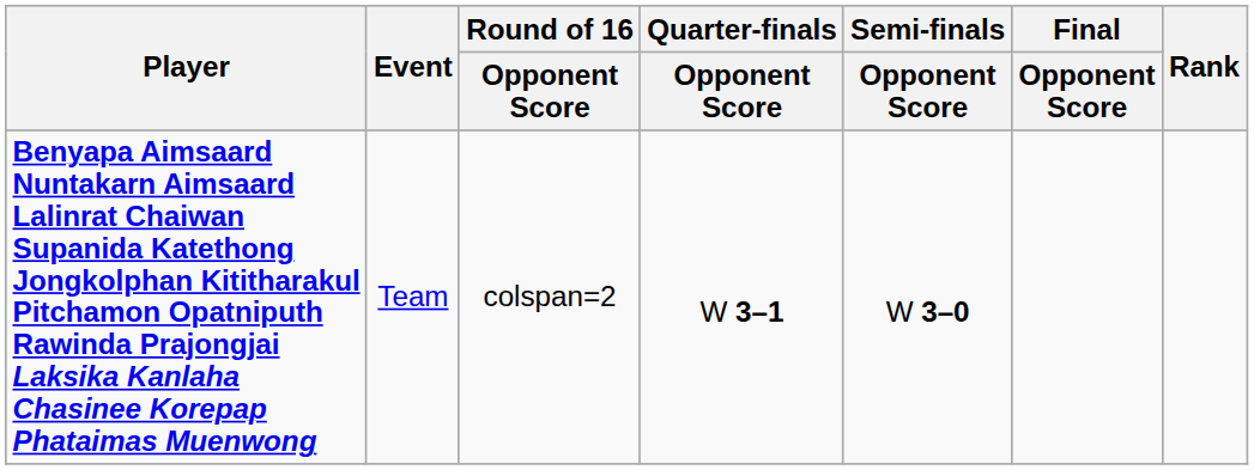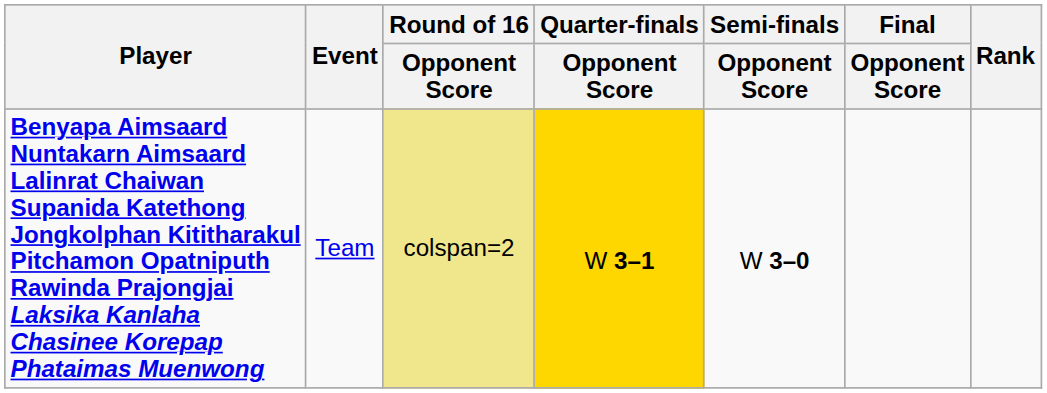 <table class="wikitable" style="font-size:90%; text-align:center">
 <tr>
 <th rowspan="2">Player</th>
 <th rowspan="2">Event</th>
 <th>Round of 16</th>
 <th>Quarter-finals</th>
 <th>Semi-finals</th>
 <th>Final</th>
 <th rowspan="2">Rank</th>
 </tr>
 <tr>
 <th>Opponent<br>Score</th>
 <th>Opponent<br>Score</th>
 <th>Opponent<br>Score</th>
 <th>Opponent<br>Score</th>
 </tr>
 <tr>
 <td align="left"><strong><a href='#'>Benyapa Aimsaard</a><br><a href='#'>Nuntakarn Aimsaard</a><br><a href='#'>Lalinrat Chaiwan</a><br><a href='#'>Supanida Katethong</a><br><a href='#'>Jongkolphan Kititharakul</a><br><a href='#'>Pitchamon Opatniputh</a><br><a href='#'>Rawinda Prajongjai</a><br><em><a href='#'>Laksika Kanlaha</a></em><br><em><a href='#'>Chasinee Korepap</a></em><br><em><a href='#'>Phataimas Muenwong</a><strong><em></td>
 <td><a href='#'>Team</a></td>
-<td>colspan=2 </td>
-<td><br></strong>W<strong> 3–1</td>
+<td style="background: khaki;">colspan=2 </td>
+<td style="background: gold;"><br></strong>W<strong> 3–1</td>
 <td><br></strong>W<strong> 3–0</td>
 <td></td>
 </tr>
 </table>
